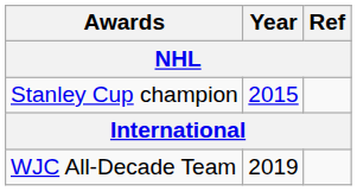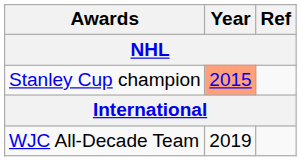 <table class="wikitable">
 <tr>
 <th>Awards</th>
 <th>Year</th>
 <th>Ref</th>
 </tr>
 <tr>
 <th colspan="3"><a href='#'>NHL</a></th>
 </tr>
 <tr>
 <td><a href='#'>Stanley Cup</a> champion</td>
-<td><a href='#'>2015</a></td>
+<td style="background: lightsalmon;"><a href='#'>2015</a></td>
 <td></td>
 </tr>
 <tr>
 <th colspan="3"><a href='#'>International</a></th>
 </tr>
 <tr>
 <td><a href='#'>WJC</a> All-Decade Team</td>
 <td>2019</td>
 <td></td>
 </tr>
 </table>
